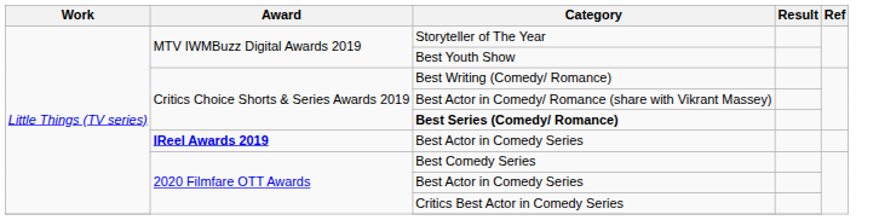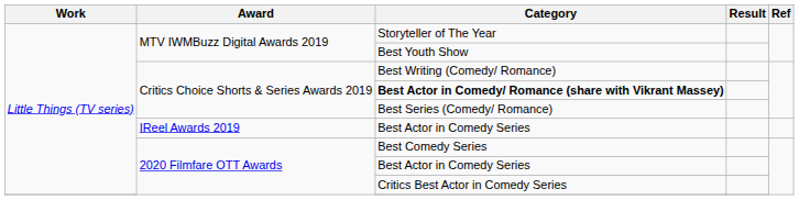 <table class="wikitable">
 <tr>
 <th>Work</th>
 <th>Award</th>
 <th>Category</th>
 <th>Result</th>
 <th>Ref</th>
 </tr>
 <tr>
 <td rowspan=9><em><a href='#'>Little Things (TV series)</a></em></td>
 <td rowspan=2>MTV IWMBuzz Digital Awards 2019</td>
 <td>Storyteller of The Year</td>
 <td></td>
 <td rowspan=2></td>
 </tr>
 <tr>
 <td>Best Youth Show</td>
 <td></td>
 </tr>
 <tr>
 <td rowspan=3>Critics Choice Shorts & Series Awards 2019</td>
 <td>Best Writing (Comedy/ Romance)</td>
 <td></td>
 <td rowspan=3></td>
 </tr>
 <tr>
-<td>Best Actor in Comedy/ Romance (share with Vikrant Massey)</td>
+<td><strong>Best Actor in Comedy/ Romance (share with Vikrant Massey)</strong></td>
 <td></td>
 </tr>
 <tr>
-<td><strong>Best Series (Comedy/ Romance)</strong></td>
+<td>Best Series (Comedy/ Romance)</td>
 <td></td>
 </tr>
 <tr>
-<td><strong><a href='#'>IReel Awards 2019</a></strong></td>
+<td><a href='#'>IReel Awards 2019</a></td>
 <td>Best Actor in Comedy Series</td>
 <td></td>
 <td></td>
 </tr>
 <tr>
 <td rowspan=4><a href='#'>2020 Filmfare OTT Awards</a></td>
 <td>Best Comedy Series</td>
 <td></td>
 <td rowspan=4></td>
 </tr>
 <tr>
 <td>Best Actor in Comedy Series</td>
 <td></td>
 </tr>
 <tr>
 <td>Critics Best Actor in Comedy Series</td>
 <td></td>
 </tr>
 <tr>
 </tr>
 </table>
